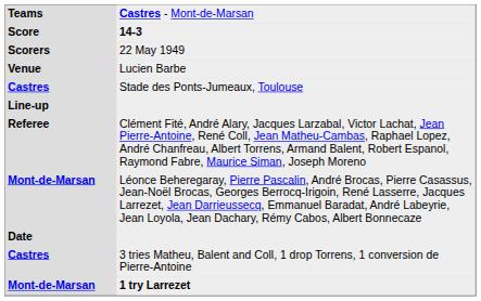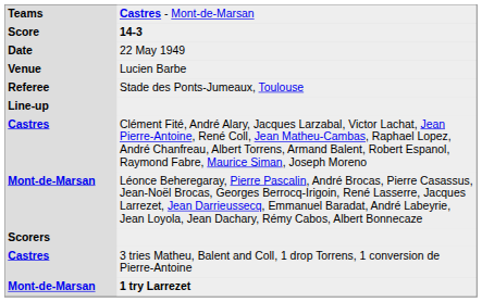 <table align="left" cellpadding="4" cellspacing="0"  style="margin: 0 0 0 0; border: 1px solid #999; border-right-width: 2px; border-bottom-width: 2px; background-color: #DDDDDD">
 <tr>
 <td width="150" valign="top"><strong>Teams</strong></td>
 <td width="500" bgcolor=#EEEEEE><strong><a href='#'>Castres</a></strong> - <a href='#'>Mont-de-Marsan</a></td>
 </tr>
 <tr>
 <td valign="top"><strong>Score</strong></td>
 <td bgcolor=#EEEEEE><strong>14-3</strong></td>
 </tr>
 <tr>
-<td valign="top"><strong>Scorers</strong></td>
+<td valign="top"><strong>Date</strong></td>
 <td bgcolor=#EEEEEE>22 May 1949</td>
 </tr>
 <tr>
 <td valign="top"><strong>Venue</strong></td>
 <td bgcolor=#EEEEEE>Lucien Barbe</td>
 </tr>
 <tr>
-<td valign="top"><strong><a href='#'>Castres</a> </strong></td>
+<td valign="top"><strong>Referee</strong></td>
 <td bgcolor=#EEEEEE>Stade des Ponts-Jumeaux, <a href='#'>Toulouse</a></td>
 </tr>
 <tr>
 <td valign="top"><strong>Line-up</strong></td>
 <td bgcolor=#EEEEEE></td>
 </tr>
 <tr>
-<td valign="top"><strong>Referee</strong></td>
+<td valign="top"><strong><a href='#'>Castres</a> </strong></td>
 <td bgcolor=#EEEEEE>Clément Fité, André Alary, Jacques Larzabal, Victor Lachat, <a href='#'>Jean Pierre-Antoine</a>, René Coll, <a href='#'>Jean Matheu-Cambas</a>, Raphael Lopez, André Chanfreau, Albert Torrens, Armand Balent, Robert Espanol, Raymond Fabre, <a href='#'>Maurice Siman</a>, Joseph Moreno</td>
 </tr>
 <tr>
 <td valign="top"><strong><a href='#'>Mont-de-Marsan</a></strong></td>
 <td bgcolor=#EEEEEE>Léonce Beheregaray, <a href='#'>Pierre Pascalin</a>, André Brocas, Pierre Casassus, Jean-Noël Brocas, Georges Berrocq-Irigoin, René Lasserre, Jacques Larrezet, <a href='#'>Jean Darrieussecq</a>, Emmanuel Baradat, André Labeyrie, Jean Loyola, Jean Dachary, Rémy Cabos, Albert Bonnecaze</td>
 </tr>
 <tr>
-<td valign="top"><strong>Date</strong></td>
+<td valign="top"><strong>Scorers</strong></td>
 <td bgcolor=#EEEEEE></td>
 </tr>
 <tr>
 <td valign="top"><strong><a href='#'>Castres</a> </strong></td>
 <td bgcolor=#EEEEEE>3 tries Matheu, Balent and Coll, 1 drop  Torrens, 1 conversion de Pierre-Antoine</td>
 </tr>
 <tr>
 <td valign="top"><strong><a href='#'>Mont-de-Marsan</a></strong></td>
 <td bgcolor=#EEEEEE><strong>1 try Larrezet</strong></td>
 </tr>
 </table>
